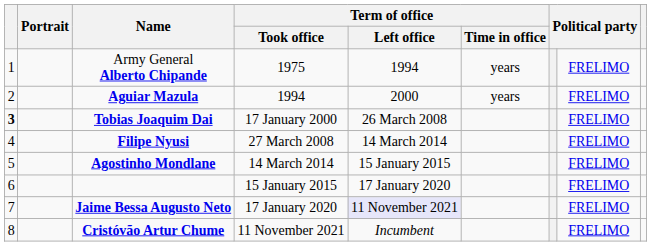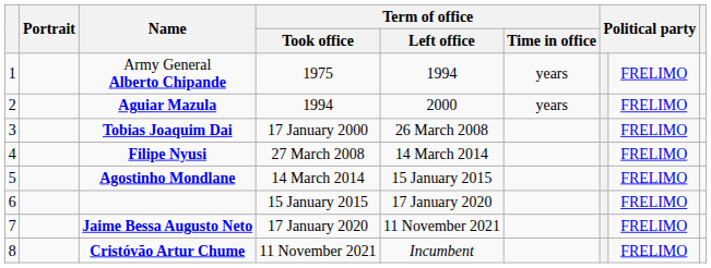 <table class="wikitable" style="text-align:center">
 <tr>
 <th rowspan=2></th>
 <th rowspan=2>Portrait</th>
 <th rowspan=2>Name<br></th>
 <th colspan=3>Term of office</th>
 <th colspan=2 rowspan=2>Political party</th>
 <th rowspan=2></th>
 </tr>
 <tr>
 <th>Took office</th>
 <th>Left office</th>
 <th>Time in office</th>
 </tr>
 <tr>
 <td>1</td>
 <td></td>
 <td>Army General<br><strong><a href='#'>Alberto Chipande</a></strong><br></td>
 <td>1975</td>
 <td>1994</td>
 <td> years</td>
 <th style="background:"></th>
 <td><a href='#'>FRELIMO</a></td>
 <td></td>
 </tr>
 <tr>
 <td>2</td>
 <td></td>
 <td><strong><a href='#'>Aguiar Mazula</a></strong></td>
 <td>1994</td>
 <td>2000</td>
 <td> years</td>
 <th style="background:"></th>
 <td><a href='#'>FRELIMO</a></td>
 <td></td>
 </tr>
 <tr>
-<td><strong>3</strong></td>
+<td>3</td>
 <td></td>
 <td><strong><a href='#'>Tobias Joaquim Dai</a></strong><br></td>
 <td>17 January 2000</td>
 <td>26 March 2008</td>
 <td></td>
 <th style="background:"></th>
 <td><a href='#'>FRELIMO</a></td>
 <td></td>
 </tr>
 <tr>
 <td>4</td>
 <td></td>
 <td><strong><a href='#'>Filipe Nyusi</a></strong><br></td>
 <td>27 March 2008</td>
 <td>14 March 2014</td>
 <td></td>
 <th style="background:"></th>
 <td><a href='#'>FRELIMO</a></td>
 <td></td>
 </tr>
 <tr>
 <td>5</td>
 <td></td>
 <td><strong><a href='#'>Agostinho Mondlane</a></strong><br></td>
 <td>14 March 2014</td>
 <td>15 January 2015</td>
 <td></td>
 <th style="background:"></th>
 <td><a href='#'>FRELIMO</a></td>
 <td></td>
 </tr>
 <tr>
 <td>6</td>
 <td></td>
 <td><strong></strong><br></td>
 <td>15 January 2015</td>
 <td>17 January 2020</td>
 <td></td>
 <th style="background:"></th>
 <td><a href='#'>FRELIMO</a></td>
 <td></td>
 </tr>
 <tr>
 <td>7</td>
 <td></td>
 <td><strong><a href='#'>Jaime Bessa Augusto Neto</a></strong><br></td>
 <td>17 January 2020</td>
-<td style="background: lavender;">11 November 2021</td>
+<td>11 November 2021</td>
 <td></td>
 <th style="background:"></th>
 <td><a href='#'>FRELIMO</a></td>
 <td></td>
 </tr>
 <tr>
 <td>8</td>
 <td></td>
 <td><strong><a href='#'>Cristóvão Artur Chume</a></strong></td>
 <td>11 November 2021</td>
 <td><em>Incumbent</em></td>
 <td></td>
 <th style="background:"></th>
 <td><a href='#'>FRELIMO</a></td>
 <td></td>
 </tr>
 </table>
